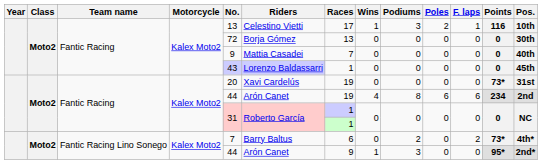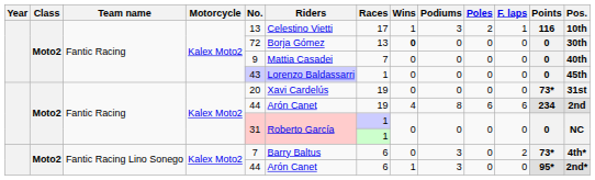 <table class="wikitable" style="text-align:right; font-size:90%">
 <tr>
 <th scope="col">Year</th>
 <th scope="col">Class</th>
 <th scope="col">Team name</th>
 <th scope="col">Motorcycle</th>
 <th scope="col">No.</th>
 <th scope="col">Riders</th>
 <th scope="col">Races</th>
 <th scope="col">Wins</th>
 <th scope="col">Podiums</th>
 <th scope="col"><a href='#'>Poles</a></th>
 <th scope="col"><a href='#'>F. laps</a></th>
 <th scope="col">Points</th>
 <th scope="col">Pos.</th>
 </tr>
 <tr>
 <th scope="row" rowspan="4"></th>
 <th rowspan="4">Moto2</th>
 <td style="text-align:left;" rowspan="4">Fantic Racing</td>
 <td style="text-align:left;" rowspan="4"><a href='#'>Kalex Moto2</a></td>
 <td style="text-align:center;">13</td>
 <td style="text-align:left;"> <a href='#'>Celestino Vietti</a></td>
 <td>17</td>
 <td>1</td>
 <td>3</td>
 <td>2</td>
 <td>1</td>
 <th>116</th>
 <th>10th</th>
 </tr>
 <tr>
 <td style="text-align:center;">72</td>
 <td style="text-align:left;"> <a href='#'>Borja Gómez</a></td>
 <td>13</td>
-<td>0</td>
+<td><strong>0</strong></td>
 <td>0</td>
 <td>0</td>
 <td>0</td>
 <th>0</th>
 <th>30th</th>
 </tr>
 <tr>
 <td style="text-align:center;">9</td>
 <td style="text-align:left;"> <a href='#'>Mattia Casadei</a></td>
 <td>7</td>
 <td>0</td>
 <td>0</td>
 <td>0</td>
 <td>0</td>
 <th>0</th>
 <th>40th</th>
 </tr>
 <tr>
 <td style="background:#CCCCFF; text-align:center;">43</td>
 <td style="background:#CCCCFF; text-align:left;"> <a href='#'>Lorenzo Baldassarri</a></td>
 <td>1</td>
 <td>0</td>
 <td>0</td>
 <td>0</td>
 <td>0</td>
 <th>0</th>
 <th>45th</th>
 </tr>
 <tr>
 <th scope="row" rowspan="4"></th>
 <th rowspan="4">Moto2</th>
 <td style="text-align:left;" rowspan="4">Fantic Racing</td>
 <td style="text-align:left;" rowspan="4"><a href='#'>Kalex Moto2</a></td>
 <td style="text-align:center;">20</td>
 <td style="text-align:left;"> <a href='#'>Xavi Cardelús</a></td>
 <td>19</td>
 <td>0</td>
 <td>0</td>
 <td>0</td>
 <td>0</td>
 <th>73*</th>
 <th>31st</th>
 </tr>
 <tr>
 <td style="text-align:center;">44</td>
 <td style="text-align:left;"> <a href='#'>Arón Canet</a></td>
 <td>19</td>
 <td>4</td>
 <td>8</td>
 <td>6</td>
 <td>6</td>
 <th style="background:#DFDFDF;">234</th>
 <th style="background:#DFDFDF;">2nd</th>
 </tr>
 <tr>
 <td style="background:#FFCCCC; text-align:center;" rowspan="2">31</td>
 <td style="background:#FFCCCC; text-align:left;" rowspan="2"> <a href='#'>Roberto García</a></td>
 <td style="background:#CCCCFF";>1</td>
 <td rowspan="2">0</td>
 <td rowspan="2">0</td>
 <td rowspan="2">0</td>
 <td rowspan="2">0</td>
 <th rowspan="2">0</th>
 <th rowspan="2">NC</th>
 </tr>
 <tr>
 <td style="background:#CCFFCC;">1</td>
 </tr>
 <tr>
 <th scope="row" rowspan="2"></th>
 <th rowspan="2">Moto2</th>
 <td style="text-align:left;" rowspan="2">Fantic Racing Lino Sonego</td>
 <td style="text-align:left;" rowspan="2"><a href='#'>Kalex Moto2</a></td>
 <td style="text-align:center;">7</td>
 <td style="text-align:left;"> <a href='#'>Barry Baltus</a></td>
 <td>6</td>
 <td>0</td>
-<td>2</td>
+<td>3</td>
 <td>0</td>
 <td>2</td>
 <th>73*</th>
 <th>4th*</th>
 </tr>
 <tr>
 <td style="text-align:center;">44</td>
 <td style="text-align:left;"> <a href='#'>Arón Canet</a></td>
-<td>9</td>
+<td>6</td>
 <td>1</td>
 <td>3</td>
 <td>0</td>
 <td>0</td>
 <th style="background:#DFDFDF;">95*</th>
 <th style="background:#DFDFDF;">2nd*</th>
 </tr>
 </table>
